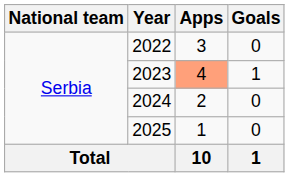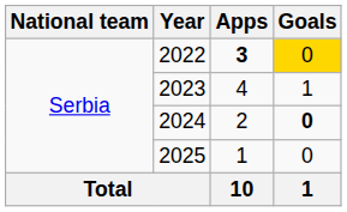 <table class="wikitable" style="text-align:center">
 <tr>
 <th>National team</th>
 <th>Year</th>
 <th>Apps</th>
 <th>Goals</th>
 </tr>
 <tr>
 <td rowspan="4"><a href='#'>Serbia</a></td>
 <td>2022</td>
-<td>3</td>
-<td>0</td>
+<td><strong>3</strong></td>
+<td style="background: gold;">0</td>
 </tr>
 <tr>
 <td>2023</td>
-<td style="background: lightsalmon;">4</td>
+<td>4</td>
 <td>1</td>
 </tr>
 <tr>
 <td>2024</td>
 <td>2</td>
-<td>0</td>
+<td><strong>0</strong></td>
 </tr>
 <tr>
 <td>2025</td>
 <td>1</td>
 <td>0</td>
 </tr>
 <tr>
 <th colspan="2">Total</th>
 <th>10</th>
 <th>1</th>
 </tr>
 </table>
